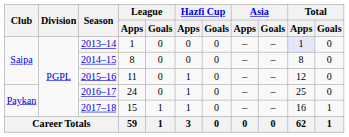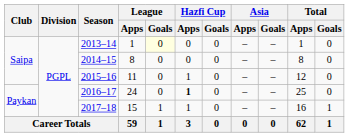 <table class="wikitable" style="text-align: center;">
 <tr>
 <th rowspan="2">Club</th>
 <th rowspan="2">Division</th>
 <th rowspan="2">Season</th>
 <th colspan="2">League</th>
 <th colspan="2"><a href='#'>Hazfi Cup</a></th>
 <th colspan="2"><a href='#'>Asia</a></th>
 <th colspan="2">Total</th>
 </tr>
 <tr>
 <th>Apps</th>
 <th>Goals</th>
 <th>Apps</th>
 <th>Goals</th>
 <th>Apps</th>
 <th>Goals</th>
 <th>Apps</th>
 <th>Goals</th>
 </tr>
 <tr>
 <td rowspan="3"><a href='#'>Saipa</a></td>
 <td rowspan="5"><a href='#'>PGPL</a></td>
 <td><a href='#'>2013–14</a></td>
 <td>1</td>
-<td>0</td>
+<td style="background: lightyellow;">0</td>
 <td>0</td>
 <td>0</td>
 <td>–</td>
 <td>–</td>
-<td style="background: lavender;">1</td>
+<td>1</td>
 <td>0</td>
 </tr>
 <tr>
 <td><a href='#'>2014–15</a></td>
 <td>8</td>
 <td>0</td>
 <td>0</td>
 <td>0</td>
 <td>–</td>
 <td>–</td>
 <td>8</td>
 <td>0</td>
 </tr>
 <tr>
 <td><a href='#'>2015–16</a></td>
 <td>11</td>
 <td>0</td>
 <td>1</td>
 <td>0</td>
 <td>–</td>
 <td>–</td>
 <td>12</td>
 <td>0</td>
 </tr>
 <tr>
 <td rowspan="2"><a href='#'>Paykan</a></td>
 <td><a href='#'>2016–17</a></td>
 <td>24</td>
 <td>0</td>
-<td>1</td>
+<td><strong>1</strong></td>
 <td>0</td>
 <td>–</td>
 <td>–</td>
 <td>25</td>
 <td>0</td>
 </tr>
 <tr>
 <td><a href='#'>2017–18</a></td>
 <td>15</td>
 <td>1</td>
 <td>1</td>
 <td>0</td>
 <td>–</td>
 <td>–</td>
 <td>16</td>
 <td>1</td>
 </tr>
 <tr>
 <th colspan=3>Career Totals</th>
 <th>59</th>
 <th>1</th>
 <th>3</th>
 <th>0</th>
 <th>0</th>
 <th>0</th>
 <th>62</th>
 <th>1</th>
 </tr>
 </table>
